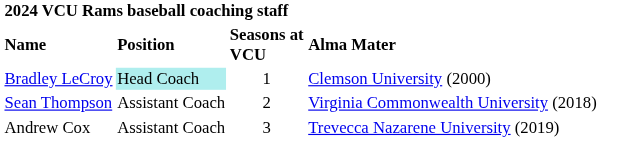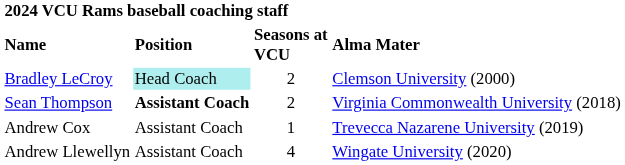 <table class="toccolours" style="text-align: left; font-size:90%;">
 <tr>
 <th colspan="4">2024 VCU Rams baseball coaching staff</th>
 </tr>
 <tr>
 <th>Name</th>
 <th>Position</th>
 <th>Seasons at<br>VCU</th>
 <th>Alma Mater</th>
 </tr>
 <tr>
 <td><a href='#'>Bradley LeCroy</a></td>
 <td style="background: paleturquoise;">Head Coach</td>
-<td align=center>1</td>
+<td align=center>2</td>
 <td><a href='#'>Clemson University</a> (2000)</td>
 </tr>
 <tr>
 <td><a href='#'>Sean Thompson</a></td>
-<td>Assistant Coach</td>
+<td><strong>Assistant Coach</strong></td>
 <td align=center>2</td>
 <td><a href='#'>Virginia Commonwealth University</a> (2018)</td>
 </tr>
 <tr>
 <td>Andrew Cox</td>
 <td>Assistant Coach</td>
-<td align=center>3</td>
+<td align=center>1</td>
 <td><a href='#'>Trevecca Nazarene University</a> (2019)</td>
 </tr>
+<tr>
+<td>Andrew Llewellyn</td>
+<td>Assistant Coach</td>
+<td align=center>4</td>
+<td><a href='#'>Wingate University</a> (2020)</td>
+</tr>
 </table>
